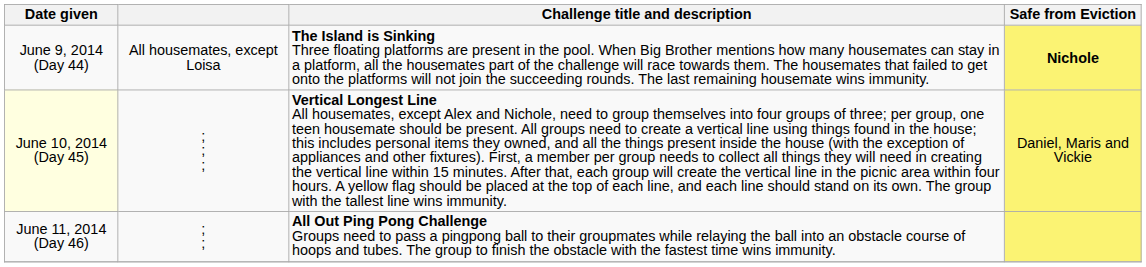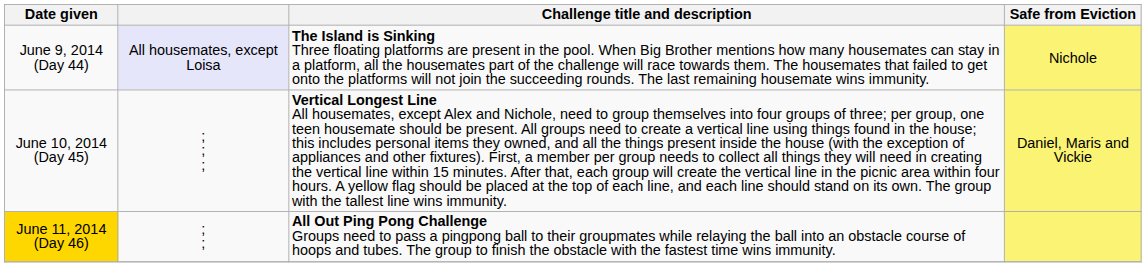 <table class="wikitable" style="text-align:center; font-size:100%; line-height:16px;" width="100%">
 <tr>
 <th style="width: 10%;">Date given</th>
 <th style="width: 15%;"></th>
 <th style="width: 63%;">Challenge title and description</th>
 <th style="width: 12%;">Safe from Eviction</th>
 </tr>
 <tr>
 <td>June 9, 2014<br>(Day 44)</td>
-<td>All housemates, except Loisa</td>
+<td style="background: lavender;">All housemates, except Loisa</td>
 <td align="left"><strong>The Island is Sinking</strong><br>Three floating platforms are present in the pool. When Big Brother mentions how many housemates can stay in a platform, all the housemates part of the challenge will race towards them. The housemates that failed to get onto the platforms will not join the succeeding rounds. The last remaining housemate wins immunity.</td>
-<td style="background:#FBF373;"><strong>Nichole</strong></td>
+<td style="background:#FBF373;">Nichole</td>
 </tr>
 <tr>
-<td style="background: lightyellow;">June 10, 2014<br>(Day 45)</td>
+<td>June 10, 2014<br>(Day 45)</td>
 <td>;<br>;<br>;<br></td>
 <td align="left"><strong>Vertical Longest Line</strong><br>All housemates, except Alex and Nichole, need to group themselves into four groups of three; per group, one teen housemate should be present. All groups need to create a vertical line using things found in the house; this includes personal items they owned, and all the things present inside the house (with the exception of appliances and other fixtures). First, a member per group needs to collect all things they will need in creating the vertical line within 15 minutes. After that, each group will create the vertical line in the picnic area within four hours. A yellow flag should be placed at the top of each line, and each line should stand on its own. The group with the tallest line wins immunity.</td>
 <td style="background:#FBF373;">Daniel, Maris and Vickie</td>
 </tr>
 <tr>
-<td>June 11, 2014<br>(Day 46)</td>
+<td style="background: gold;">June 11, 2014<br>(Day 46)</td>
 <td>;<br>;<br></td>
 <td align="left"><strong>All Out Ping Pong Challenge</strong><br>Groups need to pass a pingpong ball to their groupmates while relaying the ball into an obstacle course of hoops and tubes. The group to finish the obstacle with the fastest time wins immunity.</td>
 <td style="background:#FBF373;"></td>
 </tr>
 <tr>
 </tr>
 </table>
